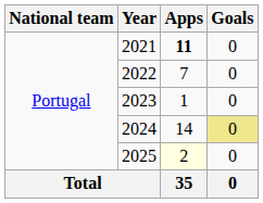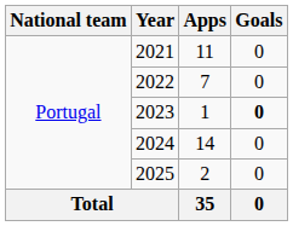 <table class=wikitable style="text-align: center">
 <tr>
 <th>National team</th>
 <th>Year</th>
 <th>Apps</th>
 <th>Goals</th>
 </tr>
 <tr>
 <td rowspan="5"><a href='#'>Portugal</a></td>
 <td>2021</td>
-<td><strong>11</strong></td>
+<td>11</td>
 <td>0</td>
 </tr>
 <tr>
 <td>2022</td>
 <td>7</td>
 <td>0</td>
 </tr>
 <tr>
 <td>2023</td>
 <td>1</td>
-<td>0</td>
+<td><strong>0</strong></td>
 </tr>
 <tr>
 <td>2024</td>
 <td>14</td>
-<td style="background: khaki;">0</td>
+<td>0</td>
 </tr>
 <tr>
 <td>2025</td>
-<td style="background: lightyellow;">2</td>
+<td>2</td>
 <td>0</td>
 </tr>
 <tr>
 <th colspan="2">Total</th>
 <th>35</th>
 <th>0</th>
 </tr>
 </table>
